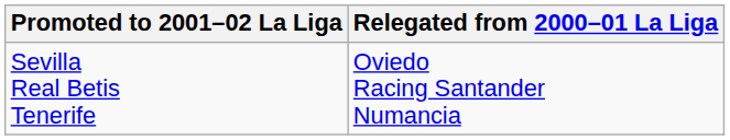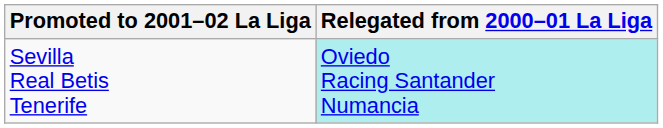 <table class="wikitable">
 <tr>
 <th> Promoted to 2001–02 La Liga</th>
 <th> Relegated from <a href='#'>2000–01 La Liga</a></th>
 </tr>
 <tr>
 <td><a href='#'>Sevilla</a><br><a href='#'>Real Betis</a><br><a href='#'>Tenerife</a></td>
-<td><a href='#'>Oviedo</a><br><a href='#'>Racing Santander</a><br><a href='#'>Numancia</a></td>
+<td style="background: paleturquoise;"><a href='#'>Oviedo</a><br><a href='#'>Racing Santander</a><br><a href='#'>Numancia</a></td>
 </tr>
 </table>
